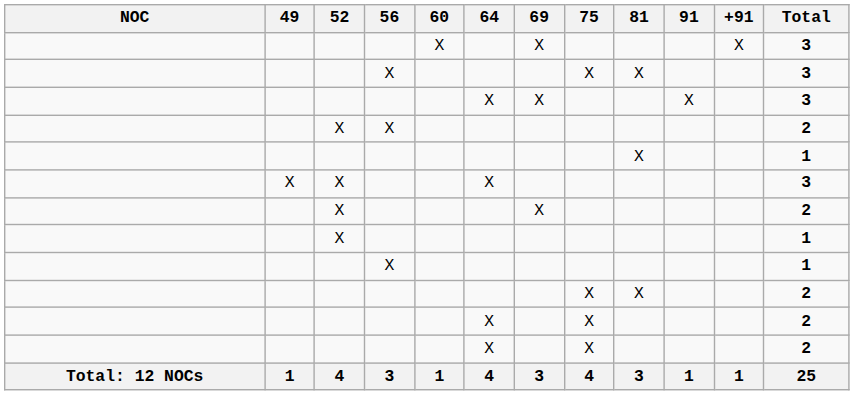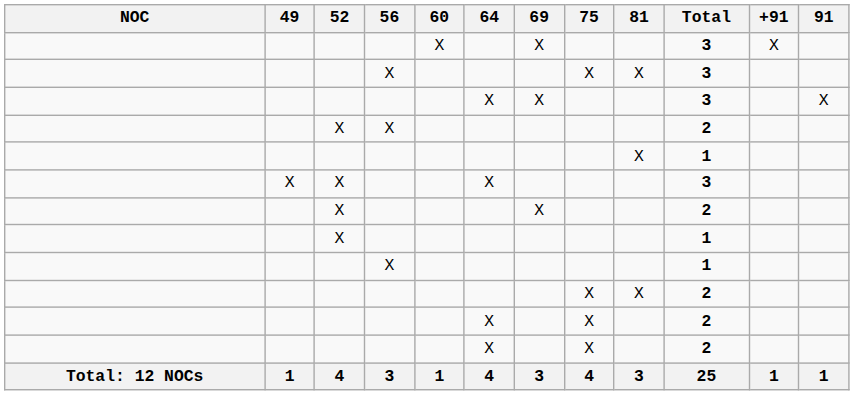 <table class="wikitable" style="text-align:center; font-size:90%">
 <tr>
 <th width=180 align="left">NOC</th>
 <th width=30>49</th>
 <th width=30>52</th>
 <th width=30>56</th>
 <th width=30>60</th>
 <th width=30>64</th>
 <th width=30>69</th>
 <th width=30>75</th>
 <th width=30>81</th>
+<th width=55>Total</th>
+<th width=30>+91</th>
 <th width=30>91</th>
-<th width=30>+91</th>
-<th width=55>Total</th>
 </tr>
 <tr>
 <td align=left></td>
 <td></td>
 <td></td>
 <td></td>
 <td>X</td>
 <td></td>
 <td>X</td>
 <td></td>
 <td></td>
+<td><strong>3</strong></td>
+<td>X</td>
 <td></td>
-<td>X</td>
-<td><strong>3</strong></td>
 </tr>
 <tr>
 <td align=left></td>
 <td></td>
 <td></td>
 <td>X</td>
 <td></td>
 <td></td>
 <td></td>
 <td>X</td>
 <td>X</td>
+<td><strong>3</strong></td>
 <td></td>
 <td></td>
-<td><strong>3</strong></td>
 </tr>
 <tr>
 <td align=left></td>
 <td></td>
 <td></td>
 <td></td>
 <td></td>
 <td>X</td>
 <td>X</td>
 <td></td>
 <td></td>
+<td><strong>3</strong></td>
+<td></td>
 <td>X</td>
-<td></td>
-<td><strong>3</strong></td>
 </tr>
 <tr>
 <td align=left></td>
 <td></td>
 <td>X</td>
 <td>X</td>
 <td></td>
 <td></td>
 <td></td>
 <td></td>
 <td></td>
+<td><strong>2</strong></td>
 <td></td>
 <td></td>
-<td><strong>2</strong></td>
 </tr>
 <tr>
 <td align=left></td>
 <td></td>
 <td></td>
 <td></td>
 <td></td>
 <td></td>
 <td></td>
 <td></td>
 <td>X</td>
+<td><strong>1</strong></td>
 <td></td>
 <td></td>
-<td><strong>1</strong></td>
 </tr>
 <tr>
 <td align=left></td>
 <td>X</td>
 <td>X</td>
 <td></td>
 <td></td>
 <td>X</td>
 <td></td>
 <td></td>
 <td></td>
+<td><strong>3</strong></td>
 <td></td>
 <td></td>
-<td><strong>3</strong></td>
 </tr>
 <tr>
 <td align=left></td>
 <td></td>
 <td>X</td>
 <td></td>
 <td></td>
 <td></td>
 <td>X</td>
 <td></td>
 <td></td>
+<td><strong>2</strong></td>
 <td></td>
 <td></td>
-<td><strong>2</strong></td>
 </tr>
 <tr>
 <td align=left></td>
 <td></td>
 <td>X</td>
 <td></td>
 <td></td>
 <td></td>
 <td></td>
 <td></td>
 <td></td>
+<td><strong>1</strong></td>
 <td></td>
 <td></td>
-<td><strong>1</strong></td>
 </tr>
 <tr>
 <td align=left></td>
 <td></td>
 <td></td>
 <td>X</td>
 <td></td>
 <td></td>
 <td></td>
 <td></td>
 <td></td>
+<td><strong>1</strong></td>
 <td></td>
 <td></td>
-<td><strong>1</strong></td>
 </tr>
 <tr>
 <td align=left></td>
 <td></td>
 <td></td>
 <td></td>
 <td></td>
 <td></td>
 <td></td>
 <td>X</td>
 <td>X</td>
+<td><strong>2</strong></td>
 <td></td>
 <td></td>
-<td><strong>2</strong></td>
 </tr>
 <tr>
 <td align=left></td>
 <td></td>
 <td></td>
 <td></td>
 <td></td>
 <td>X</td>
 <td></td>
 <td>X</td>
 <td></td>
+<td><strong>2</strong></td>
 <td></td>
 <td></td>
-<td><strong>2</strong></td>
 </tr>
 <tr>
 <td align=left></td>
 <td></td>
 <td></td>
 <td></td>
 <td></td>
 <td>X</td>
 <td></td>
 <td>X</td>
 <td></td>
+<td><strong>2</strong></td>
 <td></td>
 <td></td>
-<td><strong>2</strong></td>
 </tr>
 <tr>
 <th>Total: 12 NOCs</th>
 <th>1</th>
 <th>4</th>
 <th>3</th>
 <th>1</th>
 <th>4</th>
 <th>3</th>
 <th>4</th>
 <th>3</th>
+<th>25</th>
 <th>1</th>
 <th>1</th>
-<th>25</th>
 </tr>
 </table>
